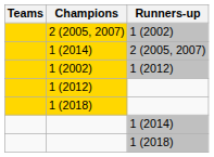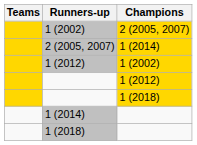 <table class=wikitable>
 <tr>
 <th>Teams</th>
+<th>Runners-up</th>
 <th>Champions</th>
-<th>Runners-up</th>
 </tr>
 <tr>
 <td style="background:Gold;"></td>
+<td style="background:Silver;">1 (2002)</td>
 <td style="background:Gold;">2 (2005, 2007)</td>
-<td style="background:Silver;">1 (2002)</td>
 </tr>
 <tr>
 <td style="background:Gold;"></td>
+<td style="background:Silver;">2 (2005, 2007)</td>
 <td style="background:Gold;">1 (2014)</td>
-<td style="background:Silver;">2 (2005, 2007)</td>
 </tr>
 <tr>
 <td style="background:Gold;"></td>
+<td style="background:Silver;">1 (2012)</td>
 <td style="background:Gold;">1 (2002)</td>
-<td style="background:Silver;">1 (2012)</td>
 </tr>
 <tr>
 <td style="background:Gold;"></td>
+<td></td>
 <td style="background:Gold;">1 (2012)</td>
-<td></td>
 </tr>
 <tr>
 <td style="background:Gold;"></td>
+<td></td>
 <td style="background:Gold;">1 (2018)</td>
+</tr>
+<tr>
+<td></td>
+<td style="background:Silver;">1 (2014)</td>
 <td></td>
 </tr>
 <tr>
 <td></td>
+<td style="background:Silver;">1 (2018)</td>
 <td></td>
-<td style="background:Silver;">1 (2014)</td>
-</tr>
-<tr>
-<td></td>
-<td></td>
-<td style="background:Silver;">1 (2018)</td>
 </tr>
 </table>
